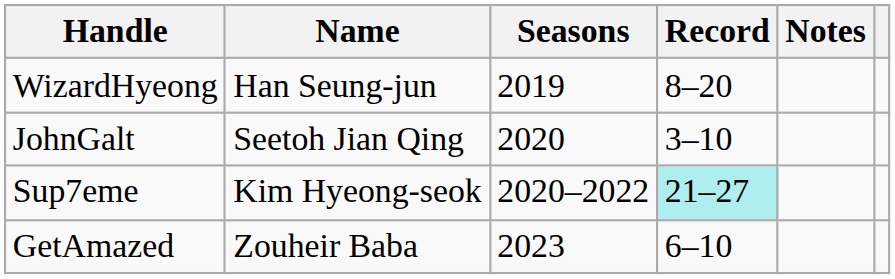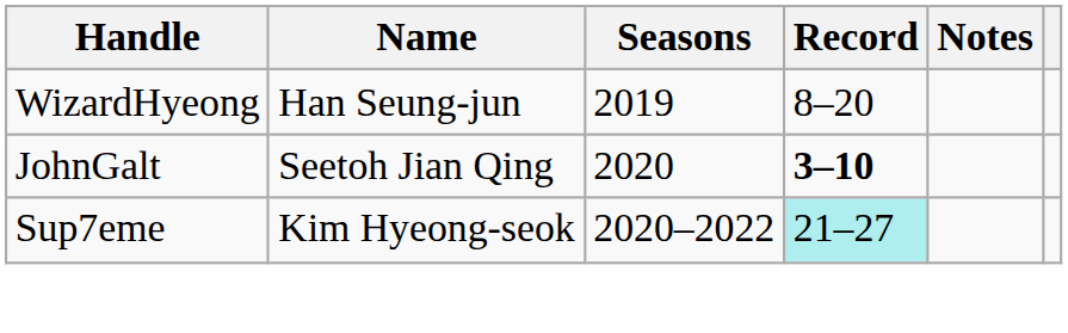 <table class="wikitable">
 <tr>
 <th style="background:#">Handle</th>
 <th style="background:#">Name</th>
 <th style="background:#">Seasons</th>
 <th style="background:#">Record</th>
 <th style="background:#">Notes</th>
 <th style="background:#"></th>
 </tr>
 <tr>
 <td>WizardHyeong</td>
 <td>Han Seung-jun</td>
 <td>2019</td>
 <td>8–20 </td>
 <td></td>
 <td></td>
 </tr>
 <tr>
 <td>JohnGalt</td>
 <td>Seetoh Jian Qing</td>
 <td>2020</td>
-<td>3–10 </td>
+<td><strong>3–10 </strong></td>
 <td></td>
 <td></td>
 </tr>
 <tr>
 <td>Sup7eme</td>
 <td>Kim Hyeong-seok</td>
 <td>2020–2022</td>
 <td style="background: paleturquoise;">21–27 </td>
 <td></td>
 <td></td>
 </tr>
-<tr>
-<td>GetAmazed</td>
-<td>Zouheir Baba</td>
-<td>2023</td>
-<td>6–10 </td>
-<td></td>
-<td></td>
-</tr>
 </table>
